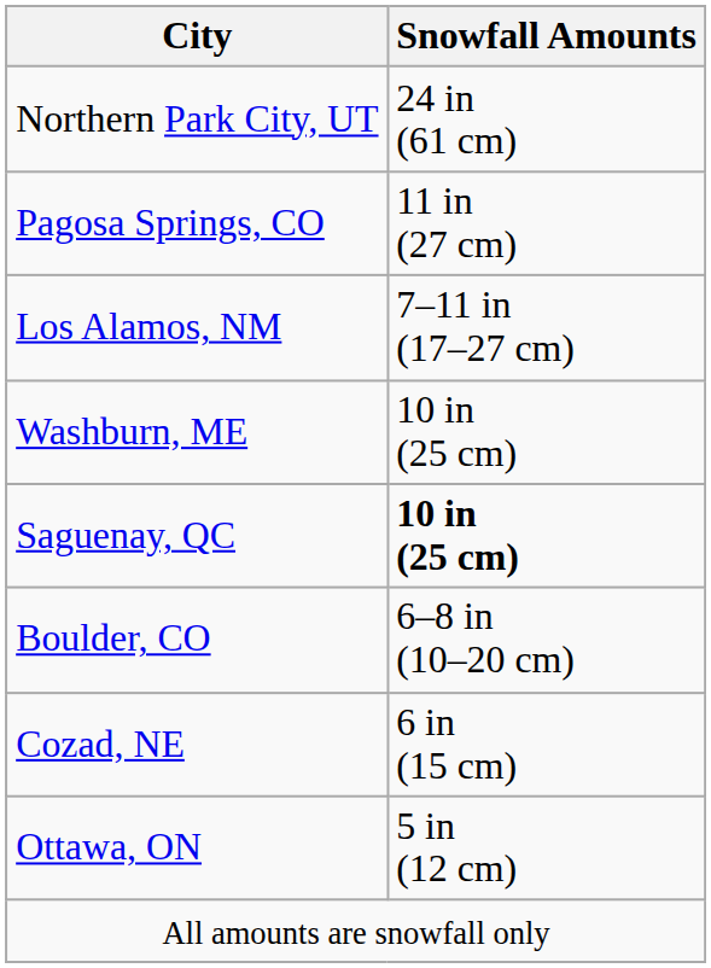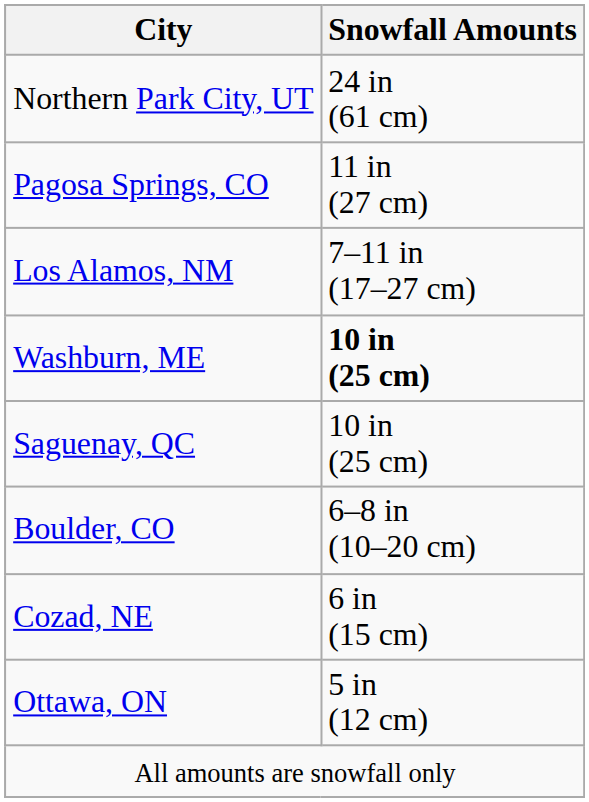 <table class="wikitable" style="margin:0 0 0.5em 1em;float:right;">
 <tr>
 <th>City</th>
 <th>Snowfall Amounts</th>
 </tr>
 <tr>
 <td>Northern <a href='#'>Park City, UT</a></td>
 <td>24 in <br> (61 cm)</td>
 </tr>
 <tr>
 <td><a href='#'>Pagosa Springs, CO</a></td>
 <td>11 in <br> (27 cm)</td>
 </tr>
 <tr>
 <td><a href='#'>Los Alamos, NM</a></td>
 <td>7–11 in <br> (17–27 cm)</td>
 </tr>
 <tr>
 <td><a href='#'>Washburn, ME</a></td>
-<td>10 in <br> (25 cm)</td>
+<td><strong>10 in <br> (25 cm)</strong></td>
 </tr>
 <tr>
 <td><a href='#'>Saguenay, QC</a></td>
-<td><strong>10 in <br> (25 cm)</strong></td>
+<td>10 in <br> (25 cm)</td>
 </tr>
 <tr>
 <td><a href='#'>Boulder, CO</a></td>
 <td>6–8 in <br> (10–20 cm)</td>
 </tr>
 <tr>
 <td><a href='#'>Cozad, NE</a></td>
 <td>6 in <br> (15 cm)</td>
 </tr>
 <tr>
 <td><a href='#'>Ottawa, ON</a></td>
 <td>5 in <br> (12 cm)</td>
 </tr>
 <tr>
 <td colspan="2" style="text-align:center;"><small>All amounts are snowfall only</small></td>
 </tr>
 </table>
